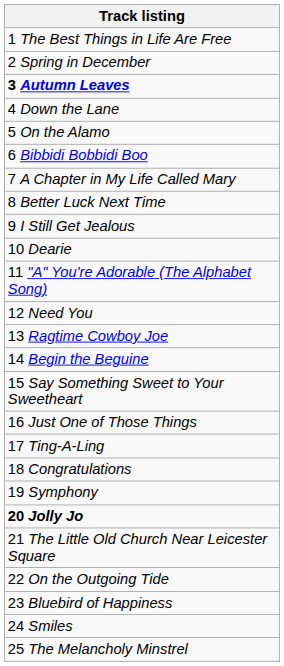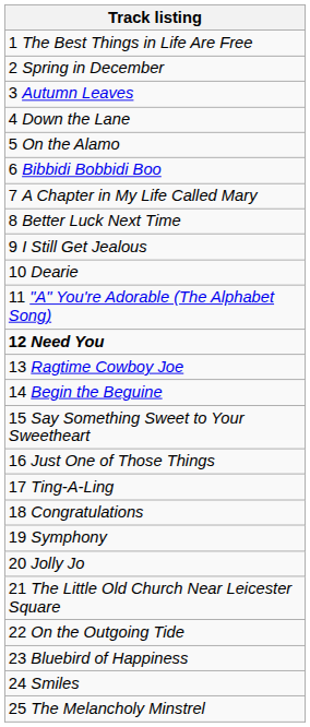 <table class="wikitable collapsible collapsed" style="width:300px;">
 <tr>
 <th>Track listing</th>
 </tr>
 <tr>
 <td>1 <em>The Best Things in Life Are Free</em></td>
 </tr>
 <tr>
 <td>2 <em>Spring in December</em></td>
 </tr>
 <tr>
-<td><strong>3 <em><a href='#'>Autumn Leaves</a></em></strong></td>
+<td>3 <em><a href='#'>Autumn Leaves</a></em></td>
 </tr>
 <tr>
 <td>4 <em>Down the Lane</em></td>
 </tr>
 <tr>
 <td>5 <em>On the Alamo</em></td>
 </tr>
 <tr>
 <td>6 <em><a href='#'>Bibbidi Bobbidi Boo</a></em></td>
 </tr>
 <tr>
 <td>7 <em>A Chapter in My Life Called Mary</em></td>
 </tr>
 <tr>
 <td>8 <em>Better Luck Next Time</em></td>
 </tr>
 <tr>
 <td>9 <em>I Still Get Jealous</em></td>
 </tr>
 <tr>
 <td>10 <em>Dearie</em></td>
 </tr>
 <tr>
 <td>11 <em><a href='#'>"A" You're Adorable (The Alphabet Song)</a></em></td>
 </tr>
 <tr>
-<td>12 <em>Need You</em></td>
+<td><strong>12 <em>Need You</em></strong></td>
 </tr>
 <tr>
 <td>13 <em><a href='#'>Ragtime Cowboy Joe</a></em></td>
 </tr>
 <tr>
 <td>14 <em><a href='#'>Begin the Beguine</a></em></td>
 </tr>
 <tr>
 <td>15 <em>Say Something Sweet to Your Sweetheart</em></td>
 </tr>
 <tr>
 <td>16 <em>Just One of Those Things</em></td>
 </tr>
 <tr>
 <td>17 <em>Ting-A-Ling</em></td>
 </tr>
 <tr>
 <td>18 <em>Congratulations</em></td>
 </tr>
 <tr>
 <td>19 <em>Symphony</em></td>
 </tr>
 <tr>
-<td><strong>20 <em>Jolly Jo</em></strong></td>
+<td>20 <em>Jolly Jo</em></td>
 </tr>
 <tr>
 <td>21 <em>The Little Old Church Near Leicester Square</em></td>
 </tr>
 <tr>
 <td>22 <em>On the Outgoing Tide</em></td>
 </tr>
 <tr>
 <td>23 <em>Bluebird of Happiness</em></td>
 </tr>
 <tr>
 <td>24 <em>Smiles</em></td>
 </tr>
 <tr>
 <td>25 <em>The Melancholy Minstrel</em></td>
 </tr>
 </table>
